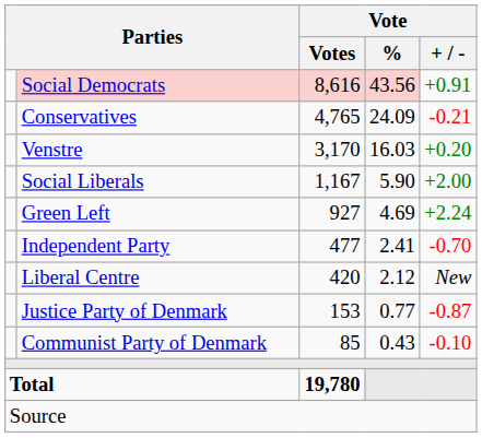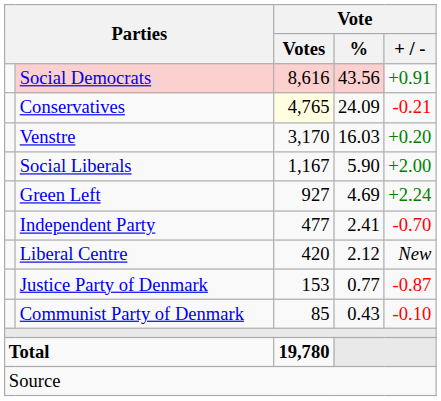 <table class="wikitable" style="text-align:right;">
 <tr>
 <th style="text-align:centre;" rowspan="2" colspan="2" width="225">Parties</th>
 <th colspan="3">Vote</th>
 </tr>
 <tr>
 <th width="15">Votes</th>
 <th width="15">%</th>
 <th width="15">+ / -</th>
 </tr>
 <tr>
 <td width="2" style="color:inherit;background:"></td>
 <td bgcolor=#fbd0ce  align="left"><a href='#'>Social Democrats</a></td>
 <td bgcolor=#fbd0ce>8,616</td>
 <td bgcolor=#fbd0ce>43.56</td>
 <td style=color:green;>+0.91</td>
 </tr>
 <tr>
 <td width="2" style="color:inherit;background:"></td>
 <td align="left"><a href='#'>Conservatives</a></td>
-<td>4,765</td>
+<td style="background: lightyellow;">4,765</td>
 <td>24.09</td>
 <td style=color:red;>-0.21</td>
 </tr>
 <tr>
 <td width="2" style="color:inherit;background:"></td>
 <td align="left"><a href='#'>Venstre</a></td>
 <td>3,170</td>
 <td>16.03</td>
 <td style=color:green;>+0.20</td>
 </tr>
 <tr>
 <td width="2" style="color:inherit;background:"></td>
 <td align="left"><a href='#'>Social Liberals</a></td>
 <td>1,167</td>
 <td>5.90</td>
 <td style=color:green;>+2.00</td>
 </tr>
 <tr>
 <td width="2" style="color:inherit;background:"></td>
 <td align="left"><a href='#'>Green Left</a></td>
 <td>927</td>
 <td>4.69</td>
 <td style=color:green;>+2.24</td>
 </tr>
 <tr>
 <td width="2" style="color:inherit;background:"></td>
 <td align="left"><a href='#'>Independent Party</a></td>
 <td>477</td>
 <td>2.41</td>
 <td style=color:red;>-0.70</td>
 </tr>
 <tr>
 <td width="2" style="color:inherit;background:"></td>
 <td align="left"><a href='#'>Liberal Centre</a></td>
 <td>420</td>
 <td>2.12</td>
 <td><em>New</em></td>
 </tr>
 <tr>
 <td width="2" style="color:inherit;background:"></td>
 <td align="left"><a href='#'>Justice Party of Denmark</a></td>
 <td>153</td>
 <td>0.77</td>
 <td style=color:red;>-0.87</td>
 </tr>
 <tr>
 <td width="2" style="color:inherit;background:"></td>
 <td align="left"><a href='#'>Communist Party of Denmark</a></td>
 <td>85</td>
 <td>0.43</td>
 <td style=color:red;>-0.10</td>
 </tr>
 <tr>
 <td colspan="7" bgcolor="#E9E9E9"></td>
 </tr>
 <tr>
 <td align="left" colspan="2"><strong>Total</strong></td>
 <td><strong>19,780</strong></td>
 <td bgcolor="#E9E9E9" colspan="2"></td>
 </tr>
 <tr>
 <td align="left" colspan="6">Source</td>
 </tr>
 </table>
